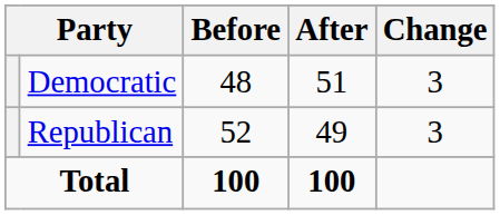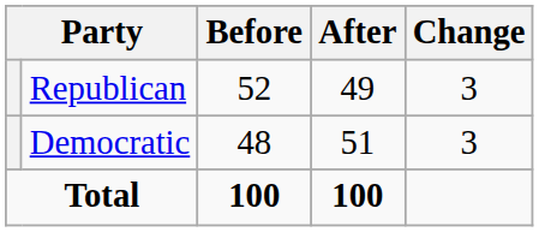 <table class="wikitable" style="text-align:center;">
 <tr>
 <th colspan="2">Party</th>
 <th>Before</th>
 <th>After</th>
 <th>Change</th>
 </tr>
 <tr>
 <th style="background-color:"></th>
-<td style="text-align:left;"><a href='#'>Democratic</a></td>
-<td>48</td>
-<td>51</td>
+<td style="text-align:left;"><a href='#'>Republican</a></td>
+<td>52</td>
+<td>49</td>
 <td> 3</td>
 </tr>
 <tr>
 <th style="background-color:"></th>
-<td style="text-align:left;"><a href='#'>Republican</a></td>
-<td>52</td>
-<td>49</td>
+<td style="text-align:left;"><a href='#'>Democratic</a></td>
+<td>48</td>
+<td>51</td>
 <td> 3</td>
 </tr>
 <tr>
 <td colspan="2"><strong>Total</strong></td>
 <td><strong>100</strong></td>
 <td><strong>100</strong></td>
 <td></td>
 </tr>
 </table>
